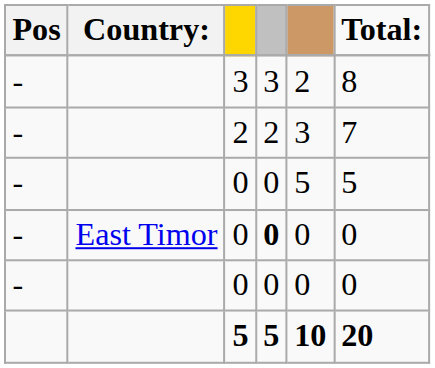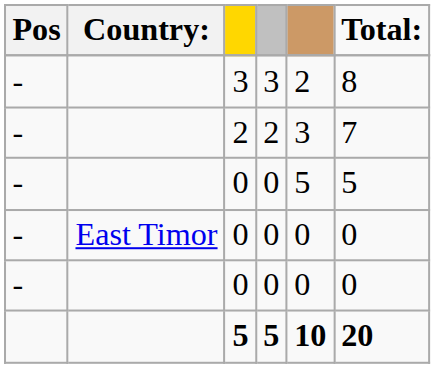 <table class="wikitable">
 <tr>
 <th>Pos</th>
 <th>Country:</th>
 <th style="background:gold"></th>
 <th style="background:silver"></th>
 <th style="background:#CC9966"></th>
 <td><strong>Total: </strong></td>
 </tr>
 <tr>
 </tr>
 <tr>
 <td>-</td>
 <td></td>
 <td>3</td>
 <td>3</td>
 <td>2</td>
 <td>8</td>
 </tr>
 <tr>
 <td>-</td>
 <td></td>
 <td>2</td>
 <td>2</td>
 <td>3</td>
 <td>7</td>
 </tr>
 <tr>
 <td>-</td>
 <td></td>
 <td>0</td>
 <td>0</td>
 <td>5</td>
 <td>5</td>
 </tr>
 <tr>
 <td>-</td>
 <td> <a href='#'>East Timor</a></td>
 <td>0</td>
-<td><strong>0</strong></td>
+<td>0</td>
 <td>0</td>
 <td>0</td>
 </tr>
 <tr>
 <td>-</td>
 <td></td>
 <td>0</td>
 <td>0</td>
 <td>0</td>
 <td>0</td>
 </tr>
 <tr>
 <td></td>
 <td></td>
 <td><strong>5</strong></td>
 <td><strong>5</strong></td>
 <td><strong>10</strong></td>
 <td><strong>20</strong></td>
 </tr>
 </table>
